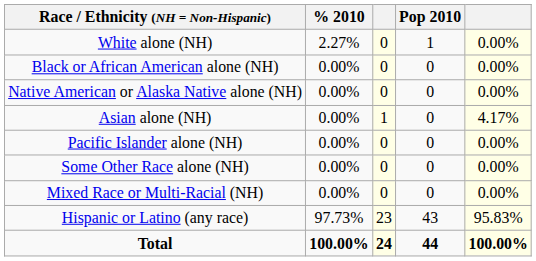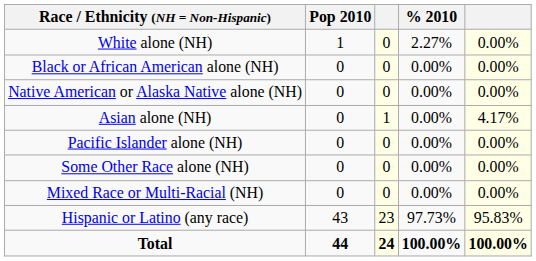 <table class="wikitable" style="text-align:center;">
 <tr>
 <th>Race / Ethnicity <small>(<em>NH = Non-Hispanic</em>)</small></th>
+<th>Pop 2010</th>
+<th></th>
 <th>% 2010</th>
-<th></th>
-<th>Pop 2010</th>
 <th></th>
 </tr>
 <tr>
 <td><a href='#'>White</a> alone (NH)</td>
+<td>1</td>
+<td style='background: #ffffe6;'>0</td>
 <td>2.27%</td>
-<td style='background: #ffffe6;'>0</td>
-<td>1</td>
 <td style='background: #ffffe6;'>0.00%</td>
 </tr>
 <tr>
 <td><a href='#'>Black or African American</a> alone (NH)</td>
+<td>0</td>
+<td style='background: #ffffe6;'>0</td>
 <td>0.00%</td>
-<td style='background: #ffffe6;'>0</td>
-<td>0</td>
 <td style='background: #ffffe6;'>0.00%</td>
 </tr>
 <tr>
 <td><a href='#'>Native American</a> or <a href='#'>Alaska Native</a> alone (NH)</td>
+<td>0</td>
+<td style='background: #ffffe6;'>0</td>
 <td>0.00%</td>
-<td style='background: #ffffe6;'>0</td>
-<td>0</td>
 <td style='background: #ffffe6;'>0.00%</td>
 </tr>
 <tr>
 <td><a href='#'>Asian</a> alone (NH)</td>
+<td>0</td>
+<td style='background: #ffffe6;'>1</td>
 <td>0.00%</td>
-<td style='background: #ffffe6;'>1</td>
-<td>0</td>
 <td style='background: #ffffe6;'>4.17%</td>
 </tr>
 <tr>
 <td><a href='#'>Pacific Islander</a> alone (NH)</td>
+<td>0</td>
+<td style='background: #ffffe6;'>0</td>
 <td>0.00%</td>
-<td style='background: #ffffe6;'>0</td>
-<td>0</td>
 <td style='background: #ffffe6;'>0.00%</td>
 </tr>
 <tr>
 <td><a href='#'>Some Other Race</a> alone (NH)</td>
+<td>0</td>
+<td style='background: #ffffe6;'>0</td>
 <td>0.00%</td>
-<td style='background: #ffffe6;'>0</td>
-<td>0</td>
 <td style='background: #ffffe6;'>0.00%</td>
 </tr>
 <tr>
 <td><a href='#'>Mixed Race or Multi-Racial</a> (NH)</td>
+<td>0</td>
+<td style='background: #ffffe6;'>0</td>
 <td>0.00%</td>
-<td style='background: #ffffe6;'>0</td>
-<td>0</td>
 <td style='background: #ffffe6;'>0.00%</td>
 </tr>
 <tr>
 <td><a href='#'>Hispanic or Latino</a> (any race)</td>
+<td>43</td>
+<td style='background: #ffffe6;'>23</td>
 <td>97.73%</td>
-<td style='background: #ffffe6;'>23</td>
-<td>43</td>
 <td style='background: #ffffe6;'>95.83%</td>
 </tr>
 <tr>
 <td><strong>Total</strong></td>
+<td><strong>44</strong></td>
+<td style='background: #ffffe6;'><strong>24</strong></td>
 <td><strong>100.00%</strong></td>
-<td style='background: #ffffe6;'><strong>24</strong></td>
-<td><strong>44</strong></td>
 <td style='background: #ffffe6;'><strong>100.00%</strong></td>
 </tr>
 </table>
